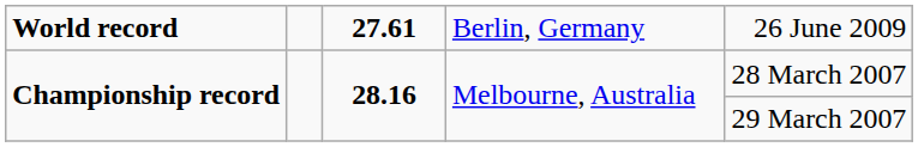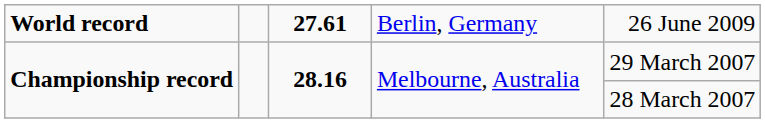 <table class="wikitable">
 <tr>
 <td><strong>World record</strong></td>
 <td style="padding-right:1em"></td>
 <td style="text-align:center;padding-left:1em; padding-right:1em;"><strong>27.61</strong></td>
 <td style="padding-right:1em"><a href='#'>Berlin</a>, <a href='#'>Germany</a></td>
 <td align=right>26 June 2009</td>
 </tr>
 <tr>
 <td rowspan="2"><strong>Championship record</strong></td>
 <td rowspan="2" style="padding-right:1em"></td>
 <td rowspan="2" style="text-align:center;padding-left:1em; padding-right:1em;"><strong>28.16</strong></td>
 <td rowspan="2" style="padding-right:1em"><a href='#'>Melbourne</a>, <a href='#'>Australia</a></td>
+<td align="right">29 March 2007</td>
+</tr>
+<tr>
 <td align=right>28 March 2007</td>
 </tr>
-<tr>
-<td align="right">29 March 2007</td>
-</tr>
 </table>
